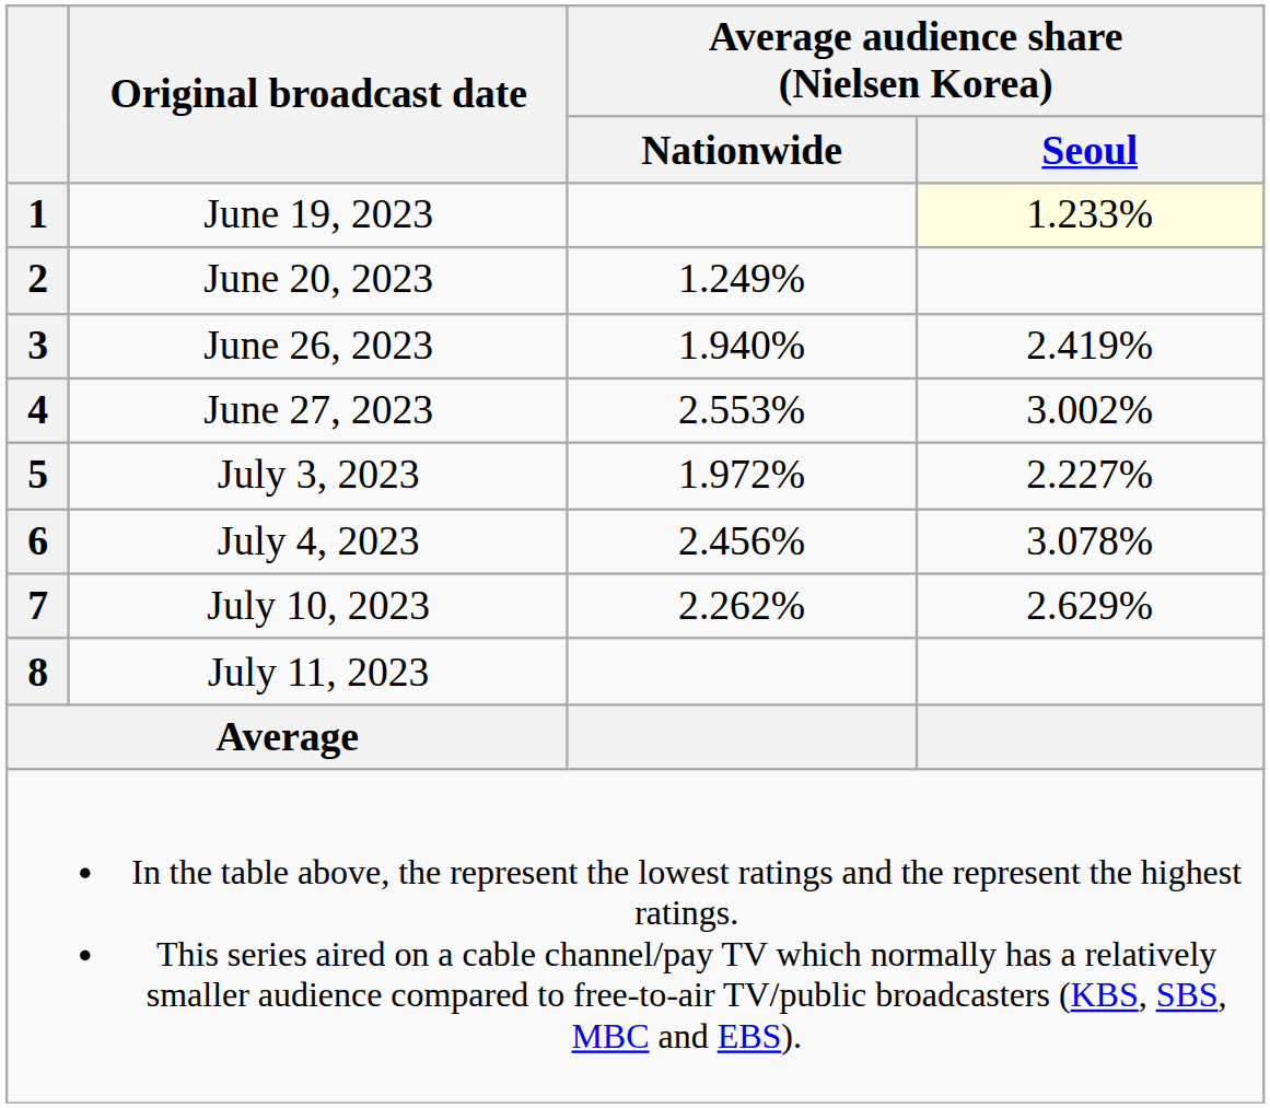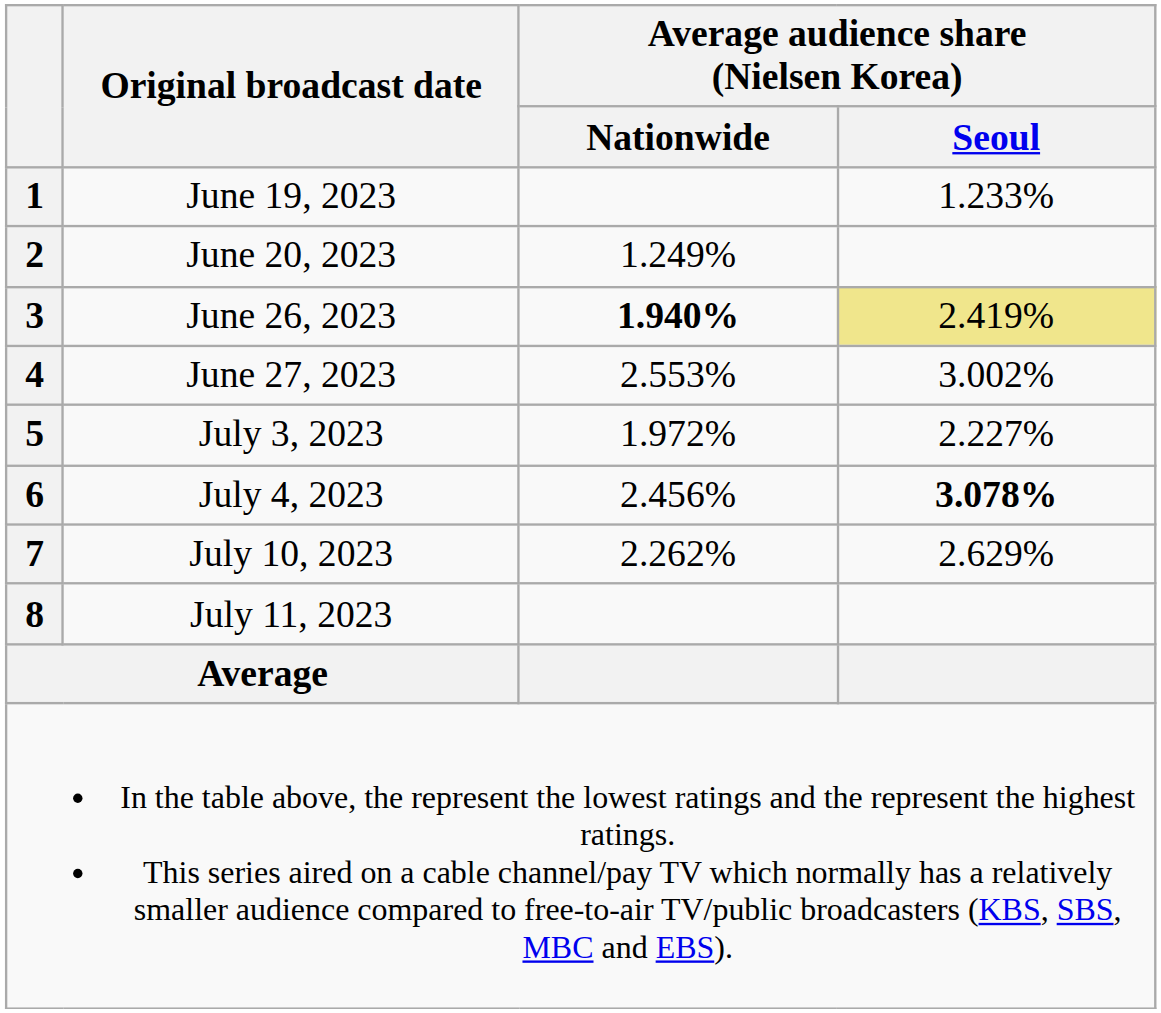 <table class="wikitable" style="margin-left:auto; margin-right:auto; width:490px; text-align:center">
 <tr>
 <th scope="col" rowspan="2"></th>
 <th scope="col" rowspan="2">Original broadcast date</th>
 <th scope="col" colspan="2">Average audience share<br>(Nielsen Korea)</th>
 </tr>
 <tr>
 <th scope="col" style="width:8em">Nationwide</th>
 <th scope="col" style="width:8em"><a href='#'>Seoul</a></th>
 </tr>
 <tr>
 <th scope="row">1</th>
 <td>June 19, 2023</td>
 <td><strong></strong> </td>
-<td style="background: lightyellow;">1.233% </td>
+<td>1.233% </td>
 </tr>
 <tr>
 <th scope="row">2</th>
 <td>June 20, 2023</td>
 <td>1.249% </td>
 <td><strong></strong> </td>
 </tr>
 <tr>
 <th scope="row">3</th>
 <td>June 26, 2023</td>
-<td>1.940% </td>
-<td>2.419% </td>
+<td><strong>1.940% </strong></td>
+<td style="background: khaki;">2.419% </td>
 </tr>
 <tr>
 <th scope="row">4</th>
 <td>June 27, 2023</td>
 <td>2.553% </td>
 <td>3.002% </td>
 </tr>
 <tr>
 <th scope="row">5</th>
 <td>July 3, 2023</td>
 <td>1.972% </td>
 <td>2.227% </td>
 </tr>
 <tr>
 <th scope="row">6</th>
 <td>July 4, 2023</td>
 <td>2.456% </td>
-<td>3.078% </td>
+<td><strong>3.078% </strong></td>
 </tr>
 <tr>
 <th scope="row">7</th>
 <td>July 10, 2023</td>
 <td>2.262% </td>
 <td>2.629% </td>
 </tr>
 <tr>
 <th scope="row">8</th>
 <td>July 11, 2023</td>
 <td><strong></strong> </td>
 <td><strong></strong> </td>
 </tr>
 <tr>
 <th colspan="2">Average</th>
 <th></th>
 <th></th>
 </tr>
 <tr>
 <td colspan="4" style="font-size:85%"><br><ul><li>In the table above, the <strong></strong> represent the lowest ratings and the <strong></strong> represent the highest ratings.</li><li>This series aired on a cable channel/pay TV which normally has a relatively smaller audience compared to free-to-air TV/public broadcasters (<a href='#'>KBS</a>, <a href='#'>SBS</a>, <a href='#'>MBC</a> and <a href='#'>EBS</a>).</li></ul></td>
 </tr>
 </table>
